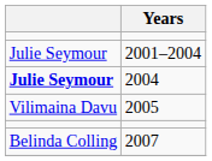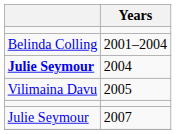 <table class="wikitable collapsible">
 <tr>
 <th></th>
 <th>Years</th>
 </tr>
 <tr>
 <td></td>
 </tr>
 <tr>
-<td><a href='#'>Julie Seymour</a></td>
+<td><a href='#'>Belinda Colling</a></td>
 <td>2001–2004</td>
 </tr>
 <tr>
 <td><strong><a href='#'>Julie Seymour</a></strong></td>
 <td>2004</td>
 </tr>
 <tr>
 <td><a href='#'>Vilimaina Davu</a></td>
 <td>2005</td>
 </tr>
 <tr>
 <td></td>
 </tr>
 <tr>
-<td><a href='#'>Belinda Colling</a></td>
+<td><a href='#'>Julie Seymour</a></td>
 <td>2007</td>
 </tr>
 <tr>
 </tr>
 </table>
